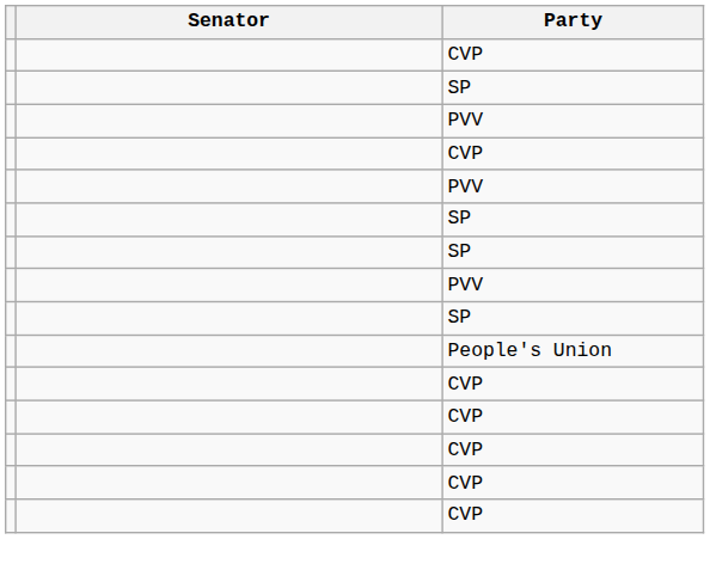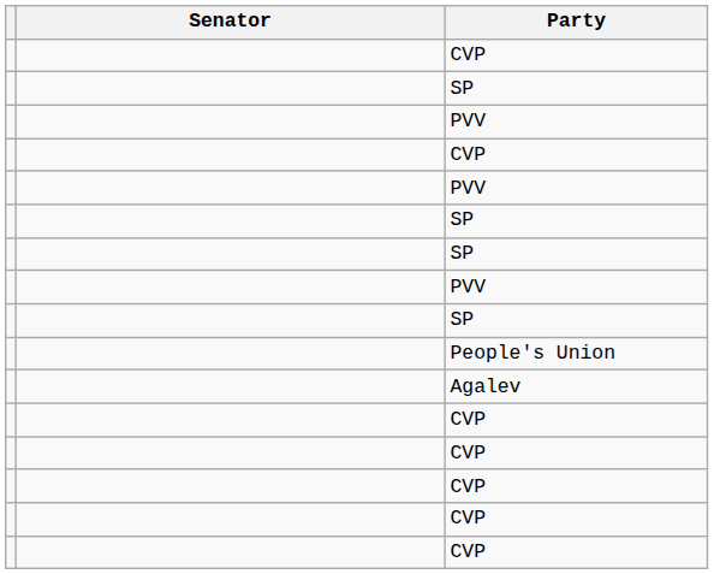 <table class="sortable wikitable" style="text-align:left; font-size:90%;">
 <tr>
 <th></th>
 <th width="250">Senator</th>
 <th width="150">Party</th>
 </tr>
 <tr>
 <td></td>
 <td></td>
 <td>CVP</td>
 </tr>
 <tr>
 <td></td>
 <td></td>
 <td>SP</td>
 </tr>
 <tr>
 <td></td>
 <td></td>
 <td>PVV</td>
 </tr>
 <tr>
 <td></td>
 <td></td>
 <td>CVP</td>
 </tr>
 <tr>
 <td></td>
 <td></td>
 <td>PVV</td>
 </tr>
 <tr>
 <td></td>
 <td></td>
 <td>SP</td>
 </tr>
 <tr>
 <td></td>
 <td></td>
 <td>SP</td>
 </tr>
 <tr>
 <td></td>
 <td></td>
 <td>PVV</td>
 </tr>
 <tr>
 <td></td>
 <td></td>
 <td>SP</td>
 </tr>
 <tr>
 <td></td>
 <td></td>
 <td>People's Union</td>
 </tr>
 <tr>
 <td></td>
 <td></td>
+<td>Agalev</td>
+</tr>
+<tr>
+<td></td>
+<td></td>
 <td>CVP</td>
 </tr>
 <tr>
 <td></td>
 <td></td>
 <td>CVP</td>
 </tr>
 <tr>
 <td></td>
 <td></td>
 <td>CVP</td>
 </tr>
 <tr>
 <td></td>
 <td></td>
 <td>CVP</td>
 </tr>
 <tr>
 <td></td>
 <td></td>
 <td>CVP</td>
 </tr>
 </table>
